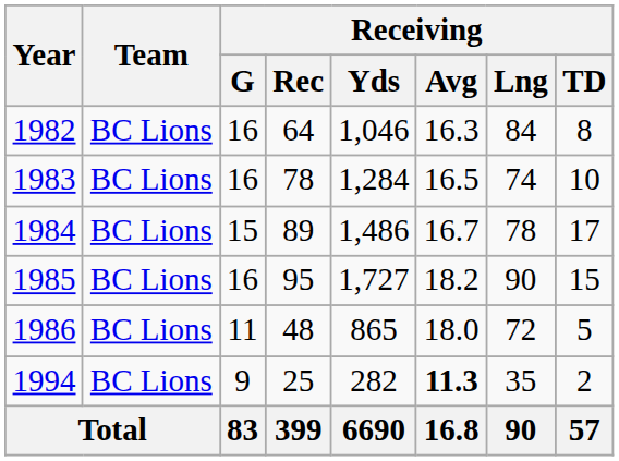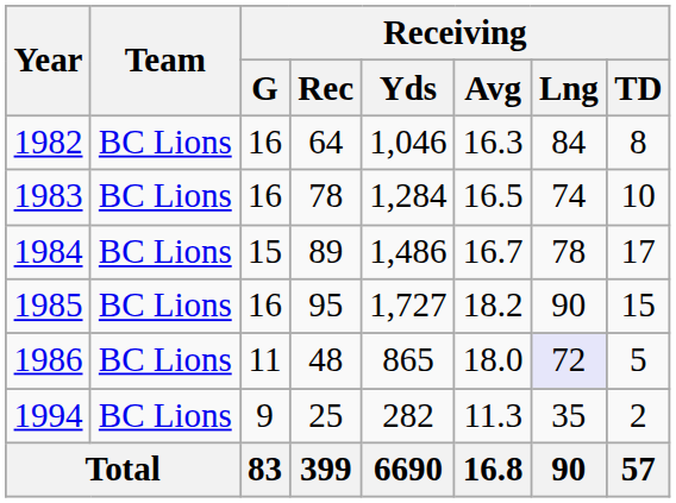 <table class="wikitable">
 <tr>
 <th rowspan="2">Year</th>
 <th rowspan="2">Team</th>
 <th colspan="7">Receiving</th>
 </tr>
 <tr>
 <th>G</th>
 <th>Rec</th>
 <th>Yds</th>
 <th>Avg</th>
 <th>Lng</th>
 <th>TD</th>
 </tr>
 <tr style="text-align:center;">
 <td><a href='#'>1982</a></td>
 <td><a href='#'>BC Lions</a></td>
 <td>16</td>
 <td>64</td>
 <td>1,046</td>
 <td>16.3</td>
 <td>84</td>
 <td>8</td>
 </tr>
 <tr style="text-align:center;">
 <td><a href='#'>1983</a></td>
 <td><a href='#'>BC Lions</a></td>
 <td>16</td>
 <td>78</td>
 <td>1,284</td>
 <td>16.5</td>
 <td>74</td>
 <td>10</td>
 </tr>
 <tr style="text-align:center;">
 <td><a href='#'>1984</a></td>
 <td><a href='#'>BC Lions</a></td>
 <td>15</td>
 <td>89</td>
 <td>1,486</td>
 <td>16.7</td>
 <td>78</td>
 <td>17</td>
 </tr>
 <tr style="text-align:center;">
 <td><a href='#'>1985</a></td>
 <td><a href='#'>BC Lions</a></td>
 <td>16</td>
 <td>95</td>
 <td>1,727</td>
 <td>18.2</td>
 <td>90</td>
 <td>15</td>
 </tr>
 <tr style="text-align:center;">
 <td><a href='#'>1986</a></td>
 <td><a href='#'>BC Lions</a></td>
 <td>11</td>
 <td>48</td>
 <td>865</td>
 <td>18.0</td>
-<td>72</td>
+<td style="background: lavender;">72</td>
 <td>5</td>
 </tr>
 <tr style="text-align:center;">
 <td><a href='#'>1994</a></td>
 <td><a href='#'>BC Lions</a></td>
 <td>9</td>
 <td>25</td>
 <td>282</td>
-<td><strong>11.3</strong></td>
+<td>11.3</td>
 <td>35</td>
 <td>2</td>
 </tr>
 <tr style="text-align:center;">
 <th colspan=2><strong>Total</strong></th>
 <th>83</th>
 <th>399</th>
 <th>6690</th>
 <th>16.8</th>
 <th>90</th>
 <th>57</th>
 </tr>
 </table>
